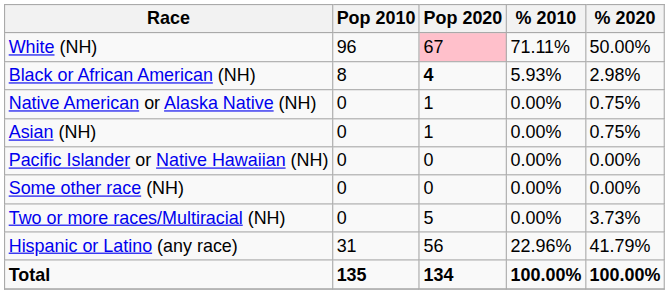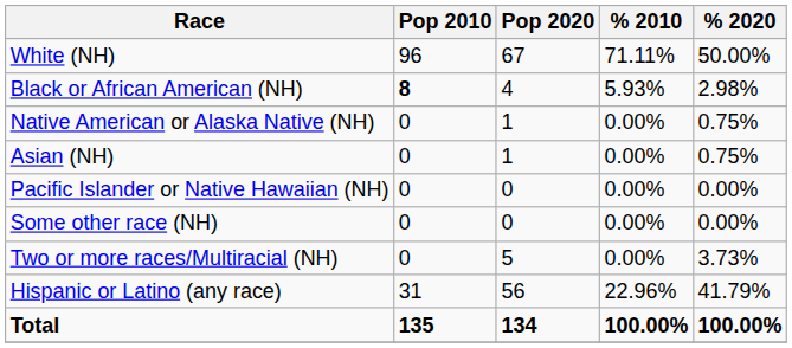 <table class="wikitable">
 <tr>
 <th>Race</th>
 <th>Pop 2010</th>
 <th>Pop 2020</th>
 <th>% 2010</th>
 <th>% 2020</th>
 </tr>
 <tr>
 <td><a href='#'>White</a> (NH)</td>
 <td>96</td>
-<td style="background: pink;">67</td>
+<td>67</td>
 <td>71.11%</td>
 <td>50.00%</td>
 </tr>
 <tr>
 <td><a href='#'>Black or African American</a> (NH)</td>
-<td>8</td>
-<td><strong>4</strong></td>
+<td><strong>8</strong></td>
+<td>4</td>
 <td>5.93%</td>
 <td>2.98%</td>
 </tr>
 <tr>
 <td><a href='#'>Native American</a> or <a href='#'>Alaska Native</a> (NH)</td>
 <td>0</td>
 <td>1</td>
 <td>0.00%</td>
 <td>0.75%</td>
 </tr>
 <tr>
 <td><a href='#'>Asian</a> (NH)</td>
 <td>0</td>
 <td>1</td>
 <td>0.00%</td>
 <td>0.75%</td>
 </tr>
 <tr>
 <td><a href='#'>Pacific Islander</a> or <a href='#'>Native Hawaiian</a> (NH)</td>
 <td>0</td>
 <td>0</td>
 <td>0.00%</td>
 <td>0.00%</td>
 </tr>
 <tr>
 <td><a href='#'>Some other race</a> (NH)</td>
 <td>0</td>
 <td>0</td>
 <td>0.00%</td>
 <td>0.00%</td>
 </tr>
 <tr>
 <td><a href='#'>Two or more races/Multiracial</a> (NH)</td>
 <td>0</td>
 <td>5</td>
 <td>0.00%</td>
 <td>3.73%</td>
 </tr>
 <tr>
 <td><a href='#'>Hispanic or Latino</a> (any race)</td>
 <td>31</td>
 <td>56</td>
 <td>22.96%</td>
 <td>41.79%</td>
 </tr>
 <tr>
 <td><strong>Total</strong></td>
 <td><strong>135</strong></td>
 <td><strong>134</strong></td>
 <td><strong>100.00%</strong></td>
 <td><strong>100.00%</strong></td>
 </tr>
 <tr>
 </tr>
 </table>
